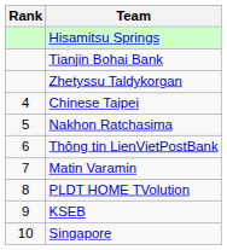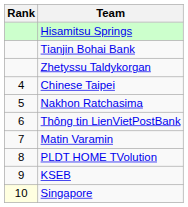 <table class="wikitable" style="text-align: center;">
 <tr>
 <th width=40>Rank</th>
 <th>Team</th>
 </tr>
 <tr bgcolor=#CCFFCC>
 <td></td>
 <td align="left"> <a href='#'>Hisamitsu Springs</a></td>
 </tr>
 <tr>
 <td></td>
 <td align="left"> <a href='#'>Tianjin Bohai Bank</a></td>
 </tr>
 <tr>
 <td></td>
 <td align="left"> <a href='#'>Zhetyssu Taldykorgan</a></td>
 </tr>
 <tr>
 <td>4</td>
 <td align="left"> <a href='#'>Chinese Taipei</a></td>
 </tr>
 <tr>
 <td>5</td>
 <td align="left"> <a href='#'>Nakhon Ratchasima</a></td>
 </tr>
 <tr>
 <td>6</td>
 <td align="left"> <a href='#'>Thông tin LienVietPostBank</a></td>
 </tr>
 <tr>
 <td>7</td>
 <td align="left"> <a href='#'>Matin Varamin</a></td>
 </tr>
 <tr>
 <td>8</td>
 <td align="left"> <a href='#'>PLDT HOME TVolution</a></td>
 </tr>
 <tr>
 <td>9</td>
 <td align="left"> <a href='#'>KSEB</a></td>
 </tr>
 <tr>
-<td>10</td>
+<td style="background: lightyellow;">10</td>
 <td align="left"> <a href='#'>Singapore</a></td>
 </tr>
 </table>
